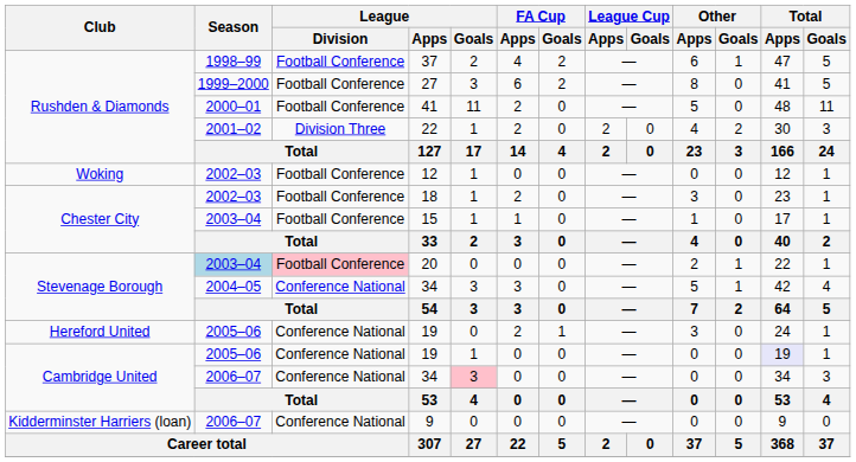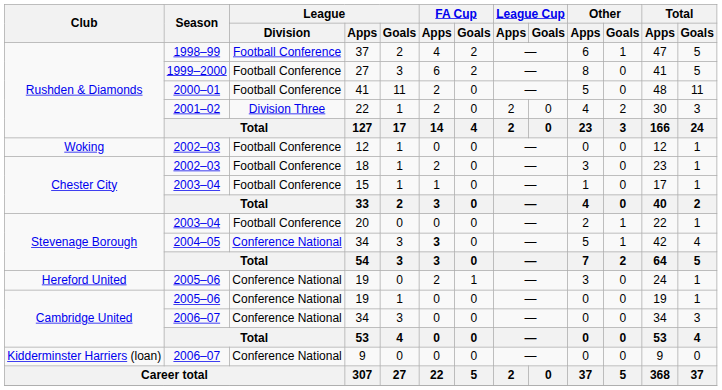 <table class=wikitable style="text-align:center">
 <tr>
 <th rowspan="2">Club</th>
 <th rowspan="2">Season</th>
 <th colspan="3">League</th>
 <th colspan="2"><a href='#'>FA Cup</a></th>
 <th colspan="2"><a href='#'>League Cup</a></th>
 <th colspan="2">Other</th>
 <th colspan="2">Total</th>
 </tr>
 <tr>
 <th>Division</th>
 <th>Apps</th>
 <th>Goals</th>
 <th>Apps</th>
 <th>Goals</th>
 <th>Apps</th>
 <th>Goals</th>
 <th>Apps</th>
 <th>Goals</th>
 <th>Apps</th>
 <th>Goals</th>
 </tr>
 <tr>
 <td rowspan="5"><a href='#'>Rushden & Diamonds</a></td>
 <td><a href='#'>1998–99</a></td>
 <td><a href='#'>Football Conference</a></td>
 <td>37</td>
 <td>2</td>
 <td>4</td>
 <td>2</td>
 <td colspan="2">—</td>
 <td>6</td>
 <td>1</td>
 <td>47</td>
 <td>5</td>
 </tr>
 <tr>
 <td><a href='#'>1999–2000</a></td>
 <td>Football Conference</td>
 <td>27</td>
 <td>3</td>
 <td>6</td>
 <td>2</td>
 <td colspan="2">—</td>
 <td>8</td>
 <td>0</td>
 <td>41</td>
 <td>5</td>
 </tr>
 <tr>
 <td><a href='#'>2000–01</a></td>
 <td>Football Conference</td>
 <td>41</td>
 <td>11</td>
 <td>2</td>
 <td>0</td>
 <td colspan="2">—</td>
 <td>5</td>
 <td>0</td>
 <td>48</td>
 <td>11</td>
 </tr>
 <tr>
 <td><a href='#'>2001–02</a></td>
 <td><a href='#'>Division Three</a></td>
 <td>22</td>
 <td>1</td>
 <td>2</td>
 <td>0</td>
 <td>2</td>
 <td>0</td>
 <td>4</td>
 <td>2</td>
 <td>30</td>
 <td>3</td>
 </tr>
 <tr>
 <th colspan="2">Total</th>
 <th>127</th>
 <th>17</th>
 <th>14</th>
 <th>4</th>
 <th>2</th>
 <th>0</th>
 <th>23</th>
 <th>3</th>
 <th>166</th>
 <th>24</th>
 </tr>
 <tr>
 <td><a href='#'>Woking</a></td>
 <td><a href='#'>2002–03</a></td>
 <td>Football Conference</td>
 <td>12</td>
 <td>1</td>
 <td>0</td>
 <td>0</td>
 <td colspan="2">—</td>
 <td>0</td>
 <td>0</td>
 <td>12</td>
 <td>1</td>
 </tr>
 <tr>
 <td rowspan="3"><a href='#'>Chester City</a></td>
 <td><a href='#'>2002–03</a></td>
 <td>Football Conference</td>
 <td>18</td>
 <td>1</td>
 <td>2</td>
 <td>0</td>
 <td colspan="2">—</td>
 <td>3</td>
 <td>0</td>
 <td>23</td>
 <td>1</td>
 </tr>
 <tr>
 <td><a href='#'>2003–04</a></td>
 <td>Football Conference</td>
 <td>15</td>
 <td>1</td>
 <td>1</td>
 <td>0</td>
 <td colspan="2">—</td>
 <td>1</td>
 <td>0</td>
 <td>17</td>
 <td>1</td>
 </tr>
 <tr>
 <th colspan="2">Total</th>
 <th>33</th>
 <th>2</th>
 <th>3</th>
 <th>0</th>
 <th colspan="2">—</th>
 <th>4</th>
 <th>0</th>
 <th>40</th>
 <th>2</th>
 </tr>
 <tr>
 <td rowspan="3"><a href='#'>Stevenage Borough</a></td>
-<td style="background: lightblue;"><a href='#'>2003–04</a></td>
-<td style="background: pink;">Football Conference</td>
+<td><a href='#'>2003–04</a></td>
+<td>Football Conference</td>
 <td>20</td>
 <td>0</td>
 <td>0</td>
 <td>0</td>
 <td colspan="2">—</td>
 <td>2</td>
 <td>1</td>
 <td>22</td>
 <td>1</td>
 </tr>
 <tr>
 <td><a href='#'>2004–05</a></td>
 <td><a href='#'>Conference National</a></td>
 <td>34</td>
 <td>3</td>
-<td>3</td>
+<td><strong>3</strong></td>
 <td>0</td>
 <td colspan="2">—</td>
 <td>5</td>
 <td>1</td>
 <td>42</td>
 <td>4</td>
 </tr>
 <tr>
 <th colspan="2">Total</th>
 <th>54</th>
 <th>3</th>
 <th>3</th>
 <th>0</th>
 <th colspan="2">—</th>
 <th>7</th>
 <th>2</th>
 <th>64</th>
 <th>5</th>
 </tr>
 <tr>
 <td><a href='#'>Hereford United</a></td>
 <td><a href='#'>2005–06</a></td>
 <td>Conference National</td>
 <td>19</td>
 <td>0</td>
 <td>2</td>
 <td>1</td>
 <td colspan="2">—</td>
 <td>3</td>
 <td>0</td>
 <td>24</td>
 <td>1</td>
 </tr>
 <tr>
 <td rowspan="3"><a href='#'>Cambridge United</a></td>
 <td><a href='#'>2005–06</a></td>
 <td>Conference National</td>
 <td>19</td>
 <td>1</td>
 <td>0</td>
 <td>0</td>
 <td colspan="2">—</td>
 <td>0</td>
 <td>0</td>
-<td style="background: lavender;">19</td>
+<td>19</td>
 <td>1</td>
 </tr>
 <tr>
 <td><a href='#'>2006–07</a></td>
 <td>Conference National</td>
 <td>34</td>
-<td style="background: pink;">3</td>
+<td>3</td>
 <td>0</td>
 <td>0</td>
 <td colspan="2">—</td>
 <td>0</td>
 <td>0</td>
 <td>34</td>
 <td>3</td>
 </tr>
 <tr>
 <th colspan="2">Total</th>
 <th>53</th>
 <th>4</th>
 <th>0</th>
 <th>0</th>
 <th colspan="2">—</th>
 <th>0</th>
 <th>0</th>
 <th>53</th>
 <th>4</th>
 </tr>
 <tr>
 <td><a href='#'>Kidderminster Harriers</a> (loan)</td>
 <td><a href='#'>2006–07</a></td>
 <td>Conference National</td>
 <td>9</td>
 <td>0</td>
 <td>0</td>
 <td>0</td>
 <td colspan="2">—</td>
 <td>0</td>
 <td>0</td>
 <td>9</td>
 <td>0</td>
 </tr>
 <tr>
 <th colspan="3">Career total</th>
 <th>307</th>
 <th>27</th>
 <th>22</th>
 <th>5</th>
 <th>2</th>
 <th>0</th>
 <th>37</th>
 <th>5</th>
 <th>368</th>
 <th>37</th>
 </tr>
 <tr>
 </tr>
 </table>
